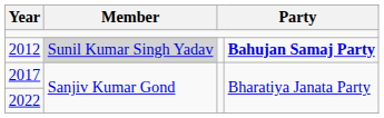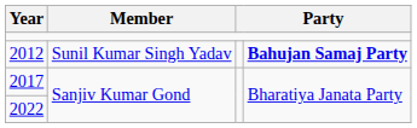 <table class="wikitable">
 <tr>
 <th>Year</th>
 <th>Member</th>
 <th colspan="2">Party</th>
 </tr>
 <tr>
 <td colspan="4"></td>
 </tr>
 <tr>
 <td><a href='#'>2012</a></td>
-<td style="background: lightgrey;"><a href='#'>Sunil Kumar Singh Yadav</a></td>
+<td><a href='#'>Sunil Kumar Singh Yadav</a></td>
 <td style="background-color: "></td>
 <td><strong><a href='#'>Bahujan Samaj Party</a></strong></td>
 </tr>
 <tr>
 <td><a href='#'>2017</a></td>
 <td rowspan="2"><a href='#'>Sanjiv Kumar Gond</a></td>
 <td rowspan="2" style="background-color: "></td>
 <td rowspan="2"><a href='#'>Bharatiya Janata Party</a></td>
 </tr>
 <tr>
 <td><a href='#'>2022</a></td>
 </tr>
 </table>
